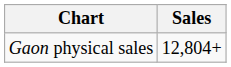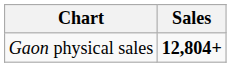 <table class="wikitable">
 <tr>
 <th>Chart</th>
 <th>Sales</th>
 </tr>
 <tr>
 <td><em>Gaon</em> physical sales</td>
-<td align="center">12,804+</td>
+<td align="center"><strong>12,804+</strong></td>
 </tr>
 </table>
